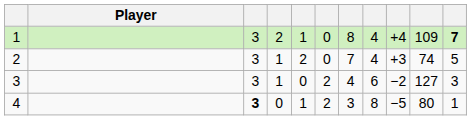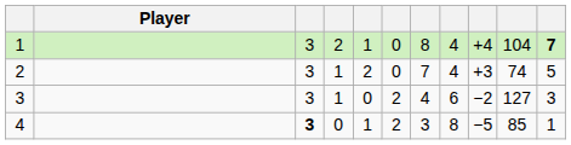 <table class="wikitable" style="text-align:center; margin: 1em auto 1em auto, align:left">
 <tr>
 <th width=20></th>
 <th width=240>Player</th>
 <th width=20></th>
 <th width=20></th>
 <th width=20></th>
 <th width=20></th>
 <th width=20></th>
 <th width=20></th>
 <th width=20></th>
 <th width=30></th>
 <th width=20></th>
 </tr>
 <tr style="background:#D0F0C0;">
 <td>1</td>
 <td align=left></td>
 <td>3</td>
 <td>2</td>
 <td>1</td>
 <td>0</td>
 <td>8</td>
 <td>4</td>
 <td>+4</td>
-<td>109</td>
+<td>104</td>
 <td><strong>7</strong></td>
 </tr>
 <tr style=>
 <td>2</td>
 <td align=left></td>
 <td>3</td>
 <td>1</td>
 <td>2</td>
 <td>0</td>
 <td>7</td>
 <td>4</td>
 <td>+3</td>
 <td>74</td>
 <td>5</td>
 </tr>
 <tr style=>
 <td>3</td>
 <td align=left></td>
 <td>3</td>
 <td>1</td>
 <td>0</td>
 <td>2</td>
 <td>4</td>
 <td>6</td>
 <td>−2</td>
 <td>127</td>
 <td>3</td>
 </tr>
 <tr style=>
 <td>4</td>
 <td align=left></td>
 <td><strong>3</strong></td>
 <td>0</td>
 <td>1</td>
 <td>2</td>
 <td>3</td>
 <td>8</td>
 <td>−5</td>
-<td>80</td>
+<td>85</td>
 <td>1</td>
 </tr>
 </table>
